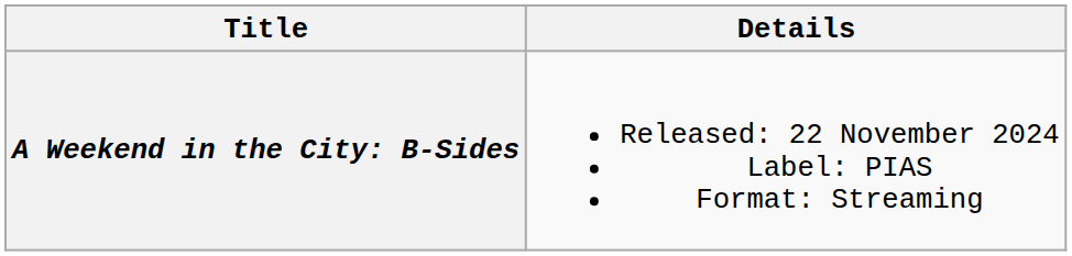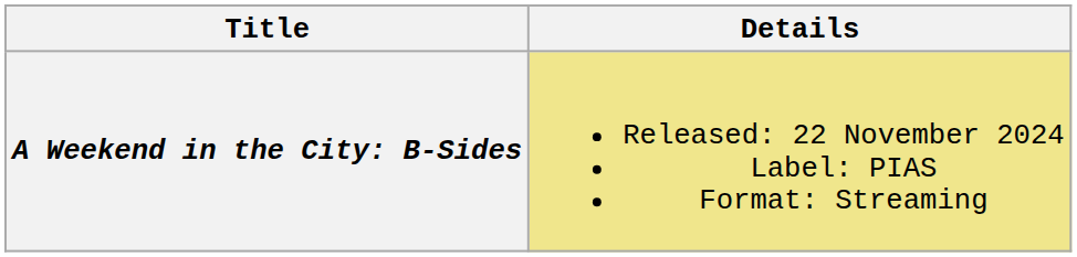 <table class="wikitable plainrowheaders" style="text-align:center;">
 <tr>
 <th scope="col">Title</th>
 <th scope="col">Details</th>
 </tr>
 <tr>
 <th scope="row"><em>A Weekend in the City: B-Sides</em></th>
-<td><br><ul><li>Released: 22 November 2024</li><li>Label: PIAS</li><li>Format: Streaming</li></ul></td>
+<td style="background: khaki;"><br><ul><li>Released: 22 November 2024</li><li>Label: PIAS</li><li>Format: Streaming</li></ul></td>
 </tr>
 </table>
